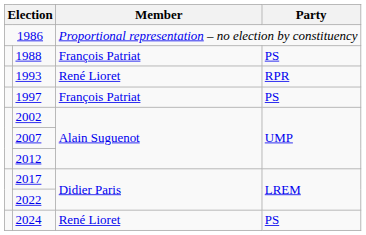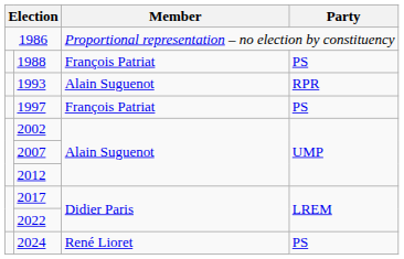 <table class="wikitable">
 <tr>
 <th colspan="2">Election</th>
 <th>Member</th>
 <th>Party</th>
 </tr>
 <tr>
 <td colspan="2" align="center"><a href='#'>1986</a></td>
 <td colspan="2"><em><a href='#'>Proportional representation</a> – no election by constituency</em></td>
 </tr>
 <tr>
 <td style="color:inherit;background-color: "></td>
 <td><a href='#'>1988</a></td>
 <td><a href='#'>François Patriat</a></td>
 <td><a href='#'>PS</a></td>
 </tr>
 <tr>
 <td style="color:inherit;background-color: "></td>
 <td><a href='#'>1993</a></td>
-<td><a href='#'>René Lioret</a></td>
+<td><a href='#'>Alain Suguenot</a></td>
 <td><a href='#'>RPR</a></td>
 </tr>
 <tr>
 <td style="color:inherit;background-color: "></td>
 <td><a href='#'>1997</a></td>
 <td><a href='#'>François Patriat</a></td>
 <td><a href='#'>PS</a></td>
 </tr>
 <tr>
 <td rowspan="3" style="color:inherit;background-color: "></td>
 <td><a href='#'>2002</a></td>
 <td rowspan="3"><a href='#'>Alain Suguenot</a></td>
 <td rowspan="3"><a href='#'>UMP</a></td>
 </tr>
 <tr>
 <td><a href='#'>2007</a></td>
 </tr>
 <tr>
 <td><a href='#'>2012</a></td>
 </tr>
 <tr>
 <td rowspan="2" style="color:inherit;background-color: "></td>
 <td><a href='#'>2017</a></td>
 <td rowspan="2"><a href='#'>Didier Paris</a></td>
 <td rowspan="2"><a href='#'>LREM</a></td>
 </tr>
 <tr>
 <td><a href='#'>2022</a></td>
 </tr>
 <tr>
 <td style="color:inherit;background-color: "></td>
 <td><a href='#'>2024</a></td>
 <td><a href='#'>René Lioret</a></td>
 <td><a href='#'>PS</a></td>
 </tr>
 </table>
